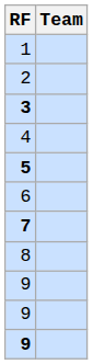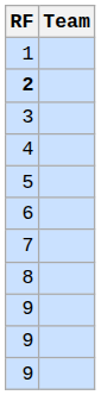 <table class="wikitable">
 <tr>
 <th>RF</th>
 <th>Team</th>
 </tr>
 <tr bgcolor="#CAE1FF" align="right">
 <td>1</td>
 <td align="left"></td>
 </tr>
 <tr bgcolor="#CAE1FF" align="right">
-<td>2</td>
+<td><strong>2</strong></td>
 <td align="left"></td>
 </tr>
 <tr bgcolor="#CAE1FF" align="right">
-<td><strong>3</strong></td>
+<td>3</td>
 <td align="left"></td>
 </tr>
 <tr bgcolor="#CAE1FF" align="right">
 <td>4</td>
 <td align="left"></td>
 </tr>
 <tr bgcolor="#CAE1FF" align="right">
-<td><strong>5</strong></td>
+<td>5</td>
 <td align="left"></td>
 </tr>
 <tr bgcolor="#CAE1FF" align="right">
 <td>6</td>
 <td align="left"></td>
 </tr>
 <tr bgcolor="#CAE1FF" align="right">
-<td><strong>7</strong></td>
+<td>7</td>
 <td align="left"></td>
 </tr>
 <tr bgcolor="#CAE1FF" align="right">
 <td>8</td>
 <td align="left"></td>
 </tr>
 <tr bgcolor="#CAE1FF" align="right">
 <td>9</td>
 <td align="left"></td>
 </tr>
 <tr bgcolor="#CAE1FF" align="right">
 <td>9</td>
 <td align="left"></td>
 </tr>
 <tr bgcolor="#CAE1FF" align="right">
-<td><strong>9</strong></td>
+<td>9</td>
 <td align="left"></td>
 </tr>
 </table>
